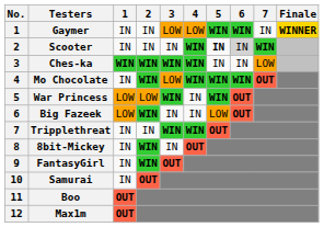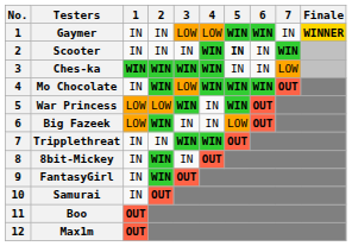 <table class="wikitable" style="text-align:center" align="center">
 <tr>
 <th>No.</th>
 <th>Testers</th>
 <th>1</th>
 <th>2</th>
 <th>3</th>
 <th>4</th>
 <th>5</th>
 <th>6</th>
 <th>7</th>
 <th>Finale</th>
 </tr>
 <tr>
 <th>1</th>
 <th>Gaymer</th>
 <td>IN</td>
 <td>IN</td>
 <td style="background:orange;">LOW</td>
 <td style="background:orange;">LOW</td>
 <td style="background:limegreen;"><strong>WIN</strong></td>
 <td style="background:limegreen;"><strong>WIN</strong></td>
 <td>IN</td>
 <td style="background:gold;"><strong>WINNER</strong></td>
 </tr>
 <tr>
 <th>2</th>
 <th>Scooter</th>
 <td>IN</td>
 <td>IN</td>
 <td>IN</td>
 <td style="background:limegreen;"><strong>WIN</strong></td>
 <td><strong>IN</strong></td>
-<td style="background: lightgrey;">IN</td>
+<td>IN</td>
 <td style="background:limegreen;"><strong>WIN</strong></td>
 <td style="background:silver;"><strong></strong></td>
 </tr>
 <tr>
 <th>3</th>
 <th>Ches-ka</th>
 <td style="background:limegreen;"><strong>WIN</strong></td>
 <td style="background:limegreen;"><strong>WIN</strong></td>
 <td style="background:limegreen;"><strong>WIN</strong></td>
 <td style="background:limegreen;"><strong>WIN</strong></td>
 <td>IN</td>
 <td>IN</td>
 <td style="background:orange;">LOW</td>
 <td style="background:silver;"><strong></strong></td>
 </tr>
 <tr>
 <th>4</th>
 <th>Mo Chocolate</th>
 <td>IN</td>
 <td style="background:limegreen;"><strong>WIN</strong></td>
 <td style="background:Orange;">LOW</td>
 <td style="background:limegreen;"><strong>WIN</strong></td>
 <td style="background:limegreen;"><strong>WIN</strong></td>
 <td style="background:limegreen;"><strong>WIN</strong></td>
 <td colspan="1" style="background:tomato;"><strong>OUT</strong></td>
 <td colspan="2" style="background:gray;"></td>
 </tr>
 <tr>
 <th>5</th>
 <th>War Princess</th>
 <td style="background:orange;">LOW</td>
 <td style="background:orange;">LOW</td>
 <td style="background:limegreen;"><strong>WIN</strong></td>
 <td>IN</td>
 <td style="background:limegreen;"><strong>WIN</strong></td>
 <td style="background:tomato;"><strong>OUT</strong></td>
 <td colspan="3" style="background:gray;"></td>
 </tr>
 <tr>
 <th>6</th>
 <th>Big Fazeek</th>
 <td style="background:Orange;">LOW</td>
 <td style="background:limegreen;"><strong>WIN</strong></td>
 <td>IN</td>
 <td>IN</td>
 <td style="background:orange;">LOW</td>
 <td style="background: tomato;"><strong>OUT</strong></td>
 <td colspan="3" style="background:gray;"></td>
 </tr>
 <tr>
 <th>7</th>
 <th>Tripplethreat</th>
 <td>IN</td>
 <td>IN</td>
 <td style="background:limegreen;"><strong>WIN</strong></td>
 <td style="background:limegreen;"><strong>WIN</strong></td>
 <td style="background: tomato;"><strong>OUT</strong></td>
 <td colspan="4" style="background:gray;"></td>
 </tr>
 <tr>
 <th>8</th>
 <th>8bit-Mickey</th>
 <td>IN</td>
 <td style="background:limegreen;"><strong>WIN</strong></td>
 <td>IN</td>
 <td style="background: tomato;"><strong>OUT</strong></td>
 <td colspan="5" style="background:gray;"></td>
 </tr>
 <tr>
 <th>9</th>
 <th>FantasyGirl</th>
 <td>IN</td>
 <td style="background:limegreen;"><strong>WIN</strong></td>
 <td style="background:tomato;"><strong>OUT</strong></td>
 <td colspan="6" style="background:gray;"></td>
 </tr>
 <tr>
 <th>10</th>
 <th>Samurai</th>
 <td>IN</td>
 <td style="background:tomato;"><strong>OUT</strong></td>
 <td colspan="7" style="background:gray;"></td>
 </tr>
 <tr>
 <th>11</th>
 <th>Boo</th>
 <td style="background:tomato;"><strong>OUT</strong></td>
 <td colspan="7" style="background:gray;"></td>
 </tr>
 <tr>
 <th>12</th>
 <th>Max1m</th>
 <td style="background:tomato;"><strong>OUT</strong></td>
 <td colspan="7" style="background:gray;"></td>
 </tr>
 </table>
